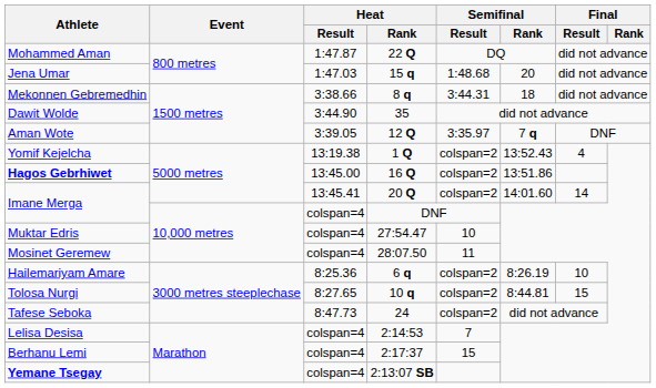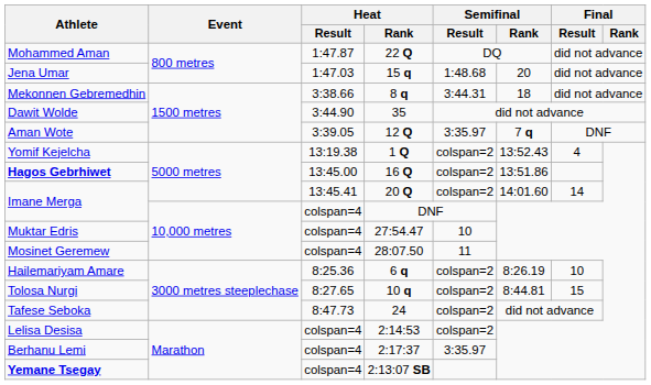 <table class="wikitable" style="font-size:90%">
 <tr>
 <th rowspan="2">Athlete</th>
 <th rowspan="2">Event</th>
 <th colspan="2">Heat</th>
 <th colspan="2">Semifinal</th>
 <th colspan="2">Final</th>
 </tr>
 <tr style="font-size:95%">
 <th>Result</th>
 <th>Rank</th>
 <th>Result</th>
 <th>Rank</th>
 <th>Result</th>
 <th>Rank</th>
 </tr>
 <tr style=text-align:center>
 <td style=text-align:left><a href='#'>Mohammed Aman</a></td>
 <td style=text-align:left rowspan=2><a href='#'>800 metres</a></td>
 <td>1:47.87</td>
 <td>22 <strong>Q</strong></td>
 <td colspan=2>DQ</td>
 <td colspan=2>did not advance</td>
 </tr>
 <tr style=text-align:center>
 <td style=text-align:left><a href='#'>Jena Umar</a></td>
 <td>1:47.03</td>
 <td>15 <strong>q</strong></td>
 <td>1:48.68</td>
 <td>20</td>
 <td colspan=2>did not advance</td>
 </tr>
 <tr style=text-align:center>
 <td style=text-align:left><a href='#'>Mekonnen Gebremedhin</a></td>
 <td style=text-align:left rowspan=3><a href='#'>1500 metres</a></td>
 <td>3:38.66</td>
 <td>8 <strong>q</strong></td>
 <td>3:44.31</td>
 <td>18</td>
 <td colspan=2>did not advance</td>
 </tr>
 <tr style=text-align:center>
 <td style=text-align:left><a href='#'>Dawit Wolde</a></td>
 <td>3:44.90</td>
 <td>35</td>
 <td colspan=4>did not advance</td>
 </tr>
 <tr style=text-align:center>
 <td style=text-align:left><a href='#'>Aman Wote</a></td>
 <td>3:39.05</td>
 <td>12 <strong>Q</strong></td>
 <td>3:35.97</td>
 <td>7 <strong>q</strong></td>
 <td colspan=2>DNF</td>
 </tr>
 <tr style=text-align:center>
 <td style=text-align:left><a href='#'>Yomif Kejelcha</a></td>
 <td style=text-align:left rowspan=3><a href='#'>5000 metres</a></td>
 <td>13:19.38</td>
 <td>1 <strong>Q</strong></td>
 <td>colspan=2 </td>
 <td>13:52.43</td>
 <td>4</td>
 </tr>
 <tr style=text-align:center>
 <td style=text-align:left><strong><a href='#'>Hagos Gebrhiwet</a></strong></td>
 <td>13:45.00</td>
 <td>16 <strong>Q</strong></td>
 <td>colspan=2 </td>
 <td>13:51.86</td>
 <td></td>
 </tr>
 <tr style=text-align:center>
 <td style=text-align:left rowspan=2><a href='#'>Imane Merga</a></td>
 <td>13:45.41</td>
 <td>20 <strong>Q</strong></td>
 <td>colspan=2 </td>
 <td>14:01.60</td>
 <td>14</td>
 </tr>
 <tr style=text-align:center>
 <td style=text-align:left rowspan=3><a href='#'>10,000 metres</a></td>
 <td>colspan=4 </td>
 <td colspan=2>DNF</td>
 </tr>
 <tr style=text-align:center>
 <td style=text-align:left><a href='#'>Muktar Edris</a></td>
 <td>colspan=4 </td>
 <td>27:54.47</td>
 <td>10</td>
 </tr>
 <tr style=text-align:center>
 <td style=text-align:left><a href='#'>Mosinet Geremew</a></td>
 <td>colspan=4 </td>
 <td>28:07.50</td>
 <td>11</td>
 </tr>
 <tr style=text-align:center>
 <td style=text-align:left><a href='#'>Hailemariyam Amare</a></td>
 <td style=text-align:left rowspan=3><a href='#'>3000 metres steeplechase</a></td>
 <td>8:25.36</td>
 <td>6 <strong>q</strong></td>
 <td>colspan=2 </td>
 <td>8:26.19</td>
 <td>10</td>
 </tr>
 <tr style=text-align:center>
 <td style=text-align:left><a href='#'>Tolosa Nurgi</a></td>
 <td>8:27.65</td>
 <td>10 <strong>q</strong></td>
 <td>colspan=2 </td>
 <td>8:44.81</td>
 <td>15</td>
 </tr>
 <tr style=text-align:center>
 <td style=text-align:left><a href='#'>Tafese Seboka</a></td>
 <td>8:47.73</td>
 <td>24</td>
 <td>colspan=2 </td>
 <td colspan=2>did not advance</td>
 </tr>
 <tr style=text-align:center>
 <td style=text-align:left><a href='#'>Lelisa Desisa</a></td>
 <td style=text-align:left rowspan=3><a href='#'>Marathon</a></td>
 <td>colspan=4 </td>
 <td>2:14:53</td>
-<td>7</td>
+<td>colspan=2 </td>
 </tr>
 <tr style=text-align:center>
 <td style=text-align:left><a href='#'>Berhanu Lemi</a></td>
 <td>colspan=4 </td>
 <td>2:17:37</td>
-<td>15</td>
+<td>3:35.97</td>
 </tr>
 <tr style=text-align:center>
 <td style=text-align:left><strong><a href='#'>Yemane Tsegay</a></strong></td>
 <td>colspan=4 </td>
 <td>2:13:07 <strong>SB</strong></td>
 <td></td>
 </tr>
 </table>
